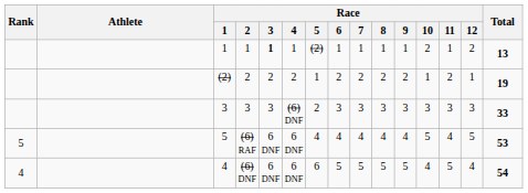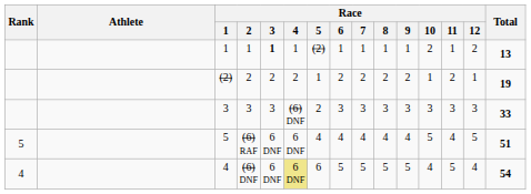 <table | class="wikitable" style="text-align:center">
 <tr>
 <th rowspan="2" width=40>Rank</th>
 <th rowspan="2" width=250>Athlete</th>
 <th colspan="12">Race</th>
 <th rowspan="2" width=50>Total</th>
 </tr>
 <tr>
 <th width=25>1</th>
 <th width=25>2</th>
 <th width=25>3</th>
 <th width=25>4</th>
 <th width=25>5</th>
 <th width=25>6</th>
 <th width=25>7</th>
 <th width=25>8</th>
 <th width=25>9</th>
 <th width=25>10</th>
 <th width=25>11</th>
 <th width=25>12</th>
 </tr>
 <tr>
 <td></td>
 <td align=left></td>
 <td>1<br> </td>
 <td>1<br> </td>
 <td><strong>1<br> </strong></td>
 <td>1<br> </td>
 <td><s>(2)</s><br> </td>
 <td>1<br> </td>
 <td>1<br> </td>
 <td>1<br> </td>
 <td>1<br> </td>
 <td>2<br> </td>
 <td>1<br> </td>
 <td>2<br> </td>
 <td><strong>13</strong></td>
 </tr>
 <tr>
 <td></td>
 <td align=left></td>
 <td><s>(2)</s><br> </td>
 <td>2<br> </td>
 <td>2<br> </td>
 <td>2<br> </td>
 <td>1<br> </td>
 <td>2<br> </td>
 <td>2<br> </td>
 <td>2<br> </td>
 <td>2<br> </td>
 <td>1<br> </td>
 <td>2<br> </td>
 <td>1<br> </td>
 <td><strong>19</strong></td>
 </tr>
 <tr>
 <td></td>
 <td align=left></td>
 <td>3<br> </td>
 <td>3<br> </td>
 <td>3<br> </td>
 <td><s>(6)</s><br><small>DNF</small></td>
 <td>2<br> </td>
 <td>3<br> </td>
 <td>3<br> </td>
 <td>3<br> </td>
 <td>3<br> </td>
 <td>3<br> </td>
 <td>3<br> </td>
 <td>3<br> </td>
 <td><strong>33</strong></td>
 </tr>
 <tr>
 <td>5</td>
 <td align=left></td>
 <td>5<br> </td>
 <td><s>(6)</s><br><small>RAF</small></td>
 <td>6<br><small>DNF</small></td>
 <td>6<br><small>DNF</small></td>
 <td>4<br> </td>
 <td>4<br> </td>
 <td>4<br> </td>
 <td>4<br> </td>
 <td>4<br> </td>
 <td>5<br> </td>
 <td>4<br> </td>
 <td>5<br> </td>
-<td><strong>53</strong></td>
+<td><strong>51</strong></td>
 </tr>
 <tr>
 <td>4</td>
 <td align=left></td>
 <td>4<br> </td>
 <td><s>(6)</s><br><small>DNF</small></td>
 <td>6<br><small>DNF</small></td>
-<td>6<br><small>DNF</small></td>
+<td style="background: khaki;">6<br><small>DNF</small></td>
 <td>6<br> </td>
 <td>5<br> </td>
 <td>5<br> </td>
 <td>5<br> </td>
 <td>5<br> </td>
 <td>4<br> </td>
 <td>5<br> </td>
 <td>4<br> </td>
 <td><strong>54</strong></td>
 </tr>
 </table>
